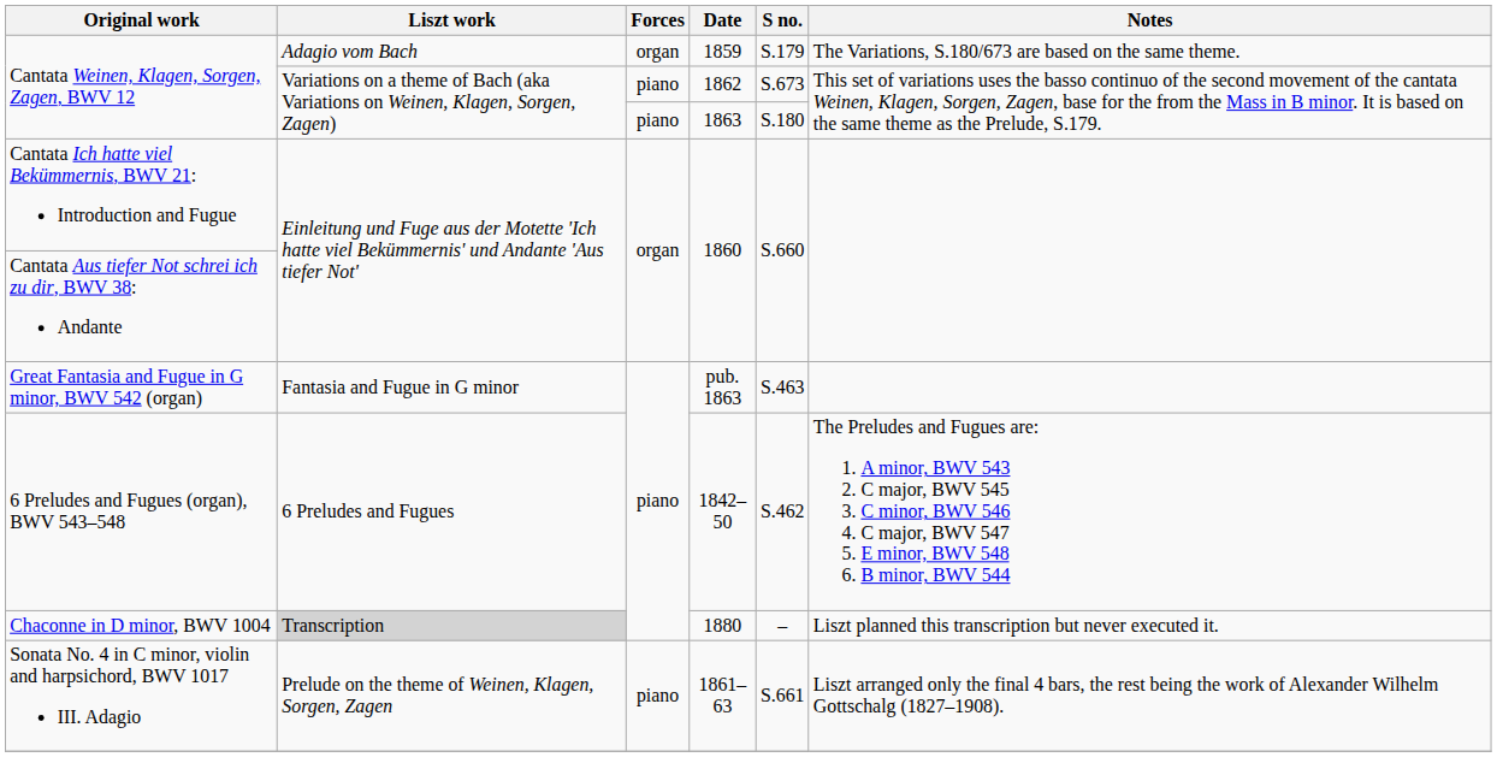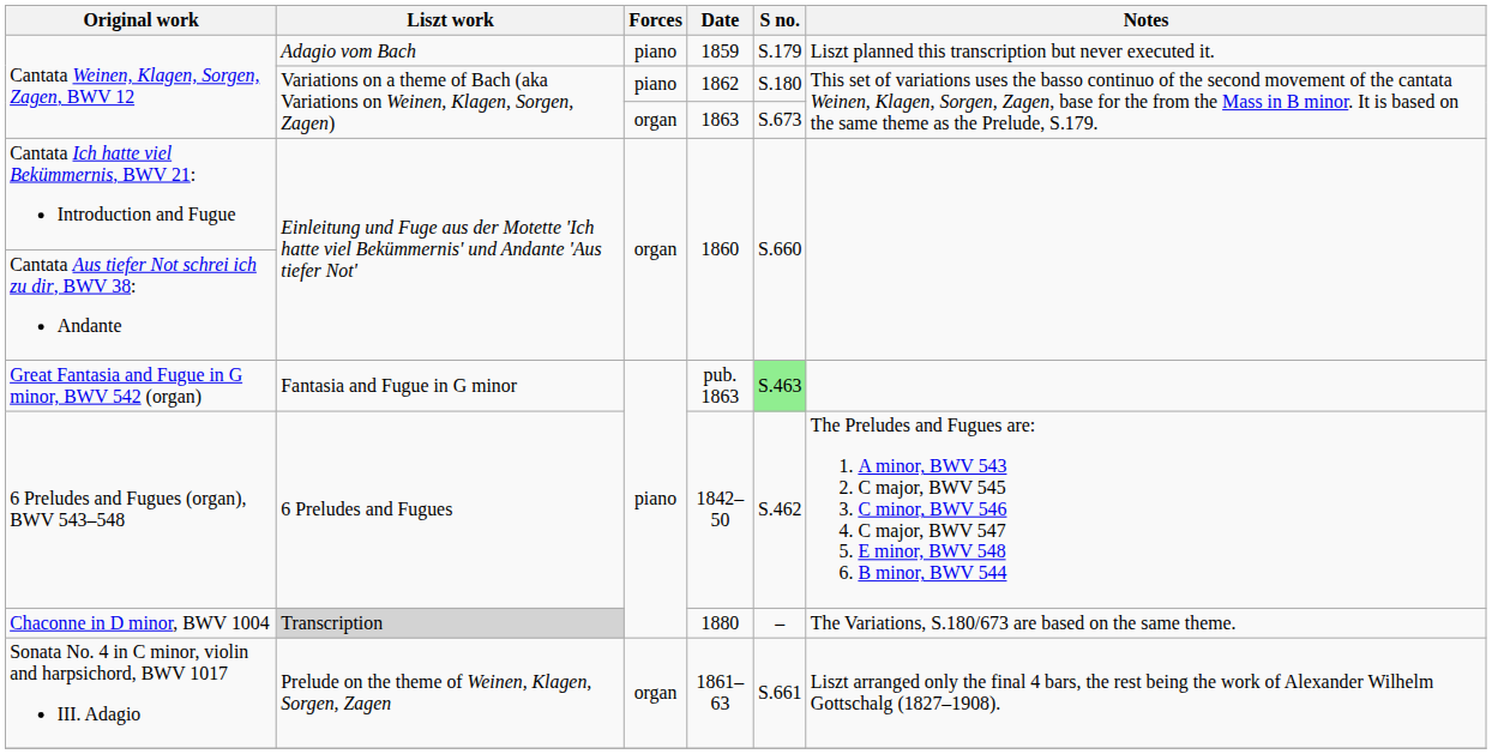 <table class="wikitable">
 <tr>
 <th>Original work</th>
 <th>Liszt work</th>
 <th>Forces</th>
 <th>Date</th>
 <th>S no.</th>
 <th>Notes</th>
 </tr>
 <tr>
 <td rowspan=3>Cantata <a href='#'><em>Weinen, Klagen, Sorgen, Zagen</em>, BWV 12</a></td>
 <td><em>Adagio vom Bach</em></td>
-<td style="text-align: center">organ</td>
+<td style="text-align: center">piano</td>
 <td style="text-align: center">1859</td>
 <td>S.179</td>
-<td>The Variations, S.180/673 are based on the same theme.</td>
+<td>Liszt planned this transcription but never executed it.</td>
 </tr>
 <tr>
 <td rowspan=2>Variations on a theme of Bach (aka Variations on <em>Weinen, Klagen, Sorgen, Zagen</em>)</td>
 <td style="text-align: center">piano</td>
 <td style="text-align: center">1862</td>
-<td>S.673</td>
+<td>S.180</td>
 <td rowspan=2>This set of variations uses the basso continuo of the second movement of the cantata <em>Weinen, Klagen, Sorgen, Zagen</em>, base for the <em></em> from the <a href='#'>Mass in B minor</a>. It is based on the same theme as the Prelude, S.179.</td>
 </tr>
 <tr>
-<td style="text-align: center">piano</td>
+<td style="text-align: center">organ</td>
 <td style="text-align: center">1863</td>
-<td>S.180</td>
+<td>S.673</td>
 </tr>
 <tr>
 <td>Cantata <a href='#'><em>Ich hatte viel Bekümmernis</em>, BWV 21</a>:<br><ul><li>Introduction and Fugue</li></ul></td>
 <td rowspan=2><em>Einleitung und Fuge aus der Motette 'Ich hatte viel Bekümmernis' und Andante 'Aus tiefer Not' </em></td>
 <td rowspan=2 style="text-align: center">organ</td>
 <td rowspan=2 style="text-align: center">1860</td>
 <td rowspan=2>S.660</td>
 <td rowspan=2></td>
 </tr>
 <tr>
 <td>Cantata <a href='#'><em>Aus tiefer Not schrei ich zu dir</em>, BWV 38</a>:<br><ul><li>Andante</li></ul></td>
 </tr>
 <tr>
 <td><a href='#'>Great Fantasia and Fugue in G minor, BWV 542</a> (organ)</td>
 <td>Fantasia and Fugue in G minor</td>
 <td rowspan=3 style="text-align: center">piano</td>
 <td style="text-align: center">pub. 1863</td>
-<td>S.463</td>
+<td style="background: lightgreen;">S.463</td>
 <td></td>
 </tr>
 <tr>
 <td>6 Preludes and Fugues (organ), BWV 543–548</td>
 <td>6 Preludes and Fugues</td>
 <td style="text-align: center">1842–50</td>
 <td>S.462</td>
 <td>The Preludes and Fugues are:<br><ol><li><a href='#'>A minor, BWV 543</a></li><li>C major, BWV 545</li><li><a href='#'>C minor, BWV 546</a></li><li>C major, BWV 547</li><li><a href='#'>E minor, BWV 548</a></li><li><a href='#'>B minor, BWV 544</a></li></ol></td>
 </tr>
 <tr>
 <td><a href='#'>Chaconne in D minor</a>, BWV 1004</td>
 <td style="background: lightgrey;">Transcription</td>
 <td style="text-align: center">1880</td>
 <td style="text-align: center">–</td>
-<td>Liszt planned this transcription but never executed it.</td>
+<td>The Variations, S.180/673 are based on the same theme.</td>
 </tr>
 <tr>
 <td>Sonata No. 4 in C minor, violin and harpsichord, BWV 1017<br><ul><li>III. Adagio</li></ul></td>
 <td>Prelude on the theme of <em>Weinen, Klagen, Sorgen, Zagen</em></td>
-<td style="text-align: center">piano</td>
+<td style="text-align: center">organ</td>
 <td style="text-align: center">1861–63</td>
 <td>S.661</td>
 <td>Liszt arranged only the final 4 bars, the rest being the work of Alexander Wilhelm Gottschalg (1827–1908).</td>
 </tr>
 <tr>
 </tr>
 </table>
